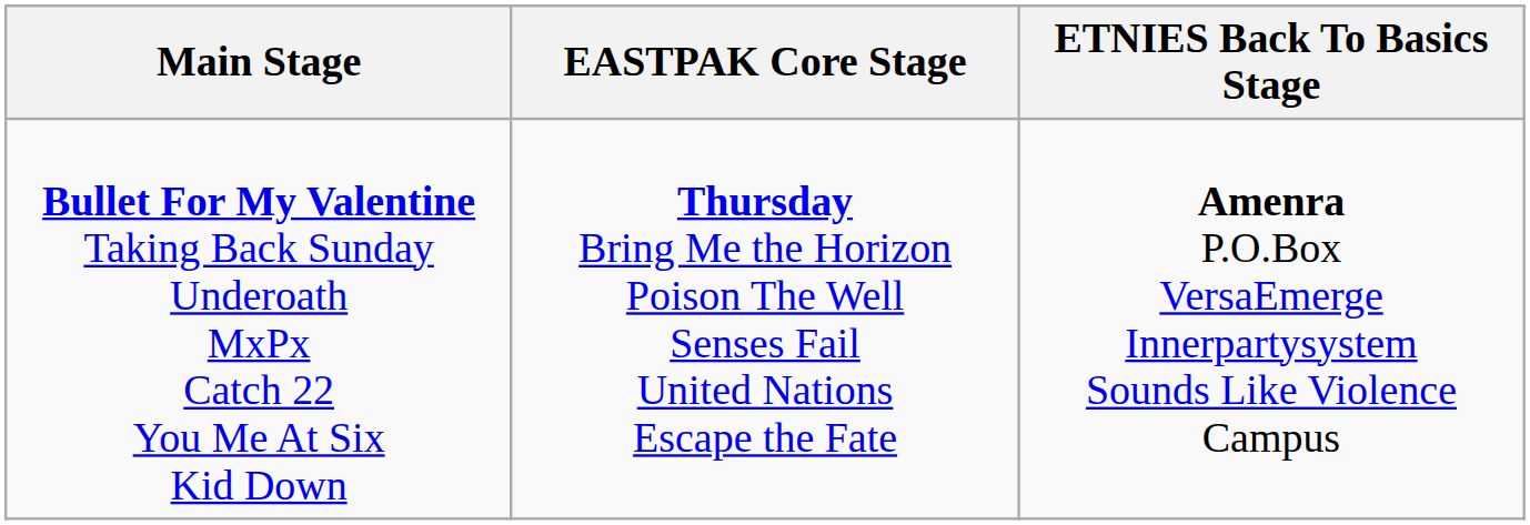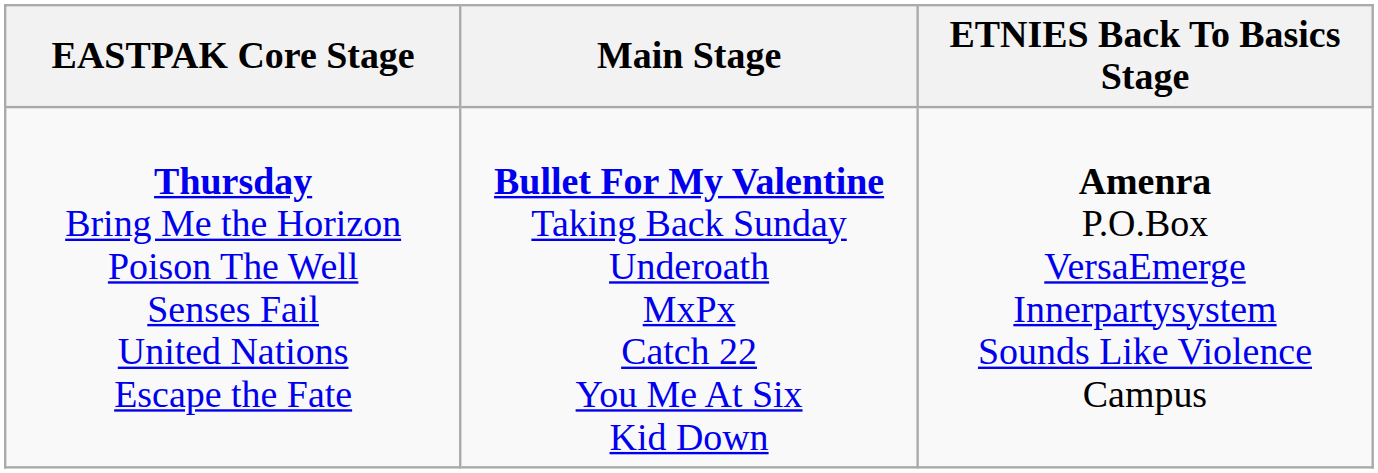 <table class="wikitable">
 <tr>
+<th>EASTPAK Core Stage</th>
 <th>Main Stage</th>
-<th>EASTPAK Core Stage</th>
 <th>ETNIES Back To Basics Stage</th>
 </tr>
 <tr>
+<td style="text-align:center; vertical-align:top; width:185px;"><br><strong><a href='#'>Thursday</a></strong> <br><a href='#'>Bring Me the Horizon</a> <br><a href='#'>Poison The Well</a> <br><a href='#'>Senses Fail</a> <br><a href='#'>United Nations</a> <br><a href='#'>Escape the Fate</a></td>
 <td style="text-align:center; vertical-align:top; width:185px;"><br><strong><a href='#'>Bullet For My Valentine</a></strong> <br><a href='#'>Taking Back Sunday</a> <br><a href='#'>Underoath</a> <br><a href='#'>MxPx</a> <br><a href='#'>Catch 22</a> <br><a href='#'>You Me At Six</a> <br><a href='#'>Kid Down</a></td>
-<td style="text-align:center; vertical-align:top; width:185px;"><br><strong><a href='#'>Thursday</a></strong> <br><a href='#'>Bring Me the Horizon</a> <br><a href='#'>Poison The Well</a> <br><a href='#'>Senses Fail</a> <br><a href='#'>United Nations</a> <br><a href='#'>Escape the Fate</a></td>
 <td style="text-align:center; vertical-align:top; width:185px;"><br><strong>Amenra</strong> <br>P.O.Box <br><a href='#'>VersaEmerge</a> <br><a href='#'>Innerpartysystem</a> <br><a href='#'>Sounds Like Violence</a> <br>Campus</td>
 </tr>
 </table>
